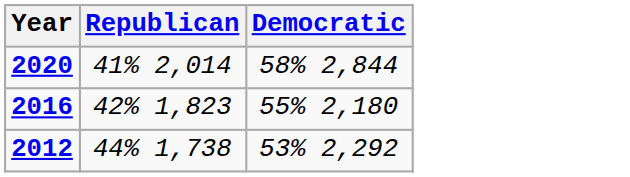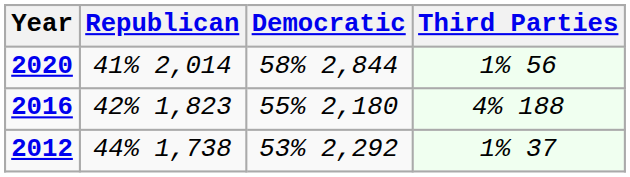 <table class="wikitable" style="font-size: 95%;">
 <tr>
 <th>Year</th>
 <th><a href='#'>Republican</a></th>
 <th><a href='#'>Democratic</a></th>
+<th><a href='#'>Third Parties</a></th>
 </tr>
 <tr>
 <td style="text-align:center; "><strong><a href='#'>2020</a></strong></td>
 <td style="text-align:center; "><em>41%</em> <em>2,014</em></td>
 <td style="text-align:center; "><em>58%</em> <em>2,844</em></td>
+<td style="text-align:center; background:honeyDew;"><em>1%</em> <em>56</em></td>
 </tr>
 <tr>
 <td style="text-align:center; "><strong><a href='#'>2016</a></strong></td>
 <td style="text-align:center; "><em>42%</em> <em>1,823</em></td>
 <td style="text-align:center; "><em>55%</em> <em>2,180</em></td>
+<td style="text-align:center; background:honeyDew;"><em>4%</em> <em>188</em></td>
 </tr>
 <tr>
 <td style="text-align:center; "><strong><a href='#'>2012</a></strong></td>
 <td style="text-align:center; "><em>44%</em> <em>1,738</em></td>
 <td style="text-align:center; "><em>53%</em> <em>2,292</em></td>
+<td style="text-align:center; background:honeyDew;"><em>1%</em> <em>37</em></td>
 </tr>
 </table>
